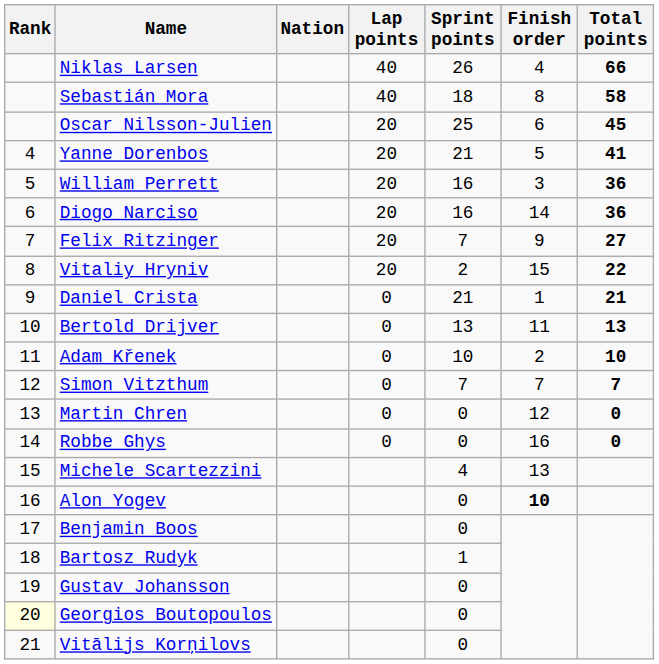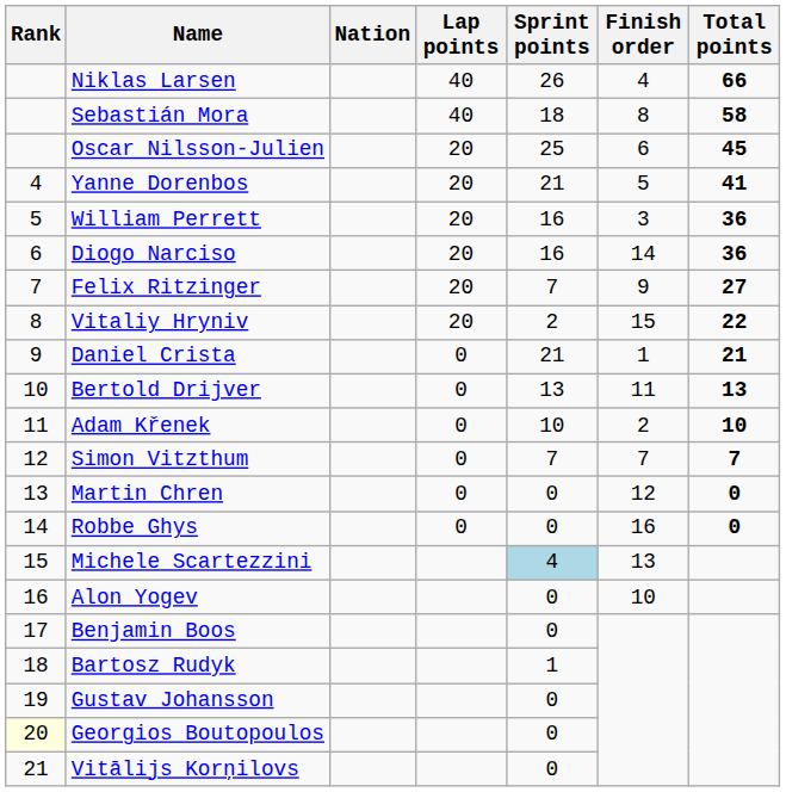 <table class="wikitable sortable" style="text-align:center">
 <tr>
 <th>Rank</th>
 <th>Name</th>
 <th>Nation</th>
 <th width=50>Lap points</th>
 <th width=50>Sprint points</th>
 <th width=50>Finish order</th>
 <th width=50>Total points</th>
 </tr>
 <tr>
 <td></td>
 <td align=left><a href='#'>Niklas Larsen</a></td>
 <td align=left></td>
 <td>40</td>
 <td>26</td>
 <td>4</td>
 <td><strong>66</strong></td>
 </tr>
 <tr>
 <td></td>
 <td align=left><a href='#'>Sebastián Mora</a></td>
 <td align=left></td>
 <td>40</td>
 <td>18</td>
 <td>8</td>
 <td><strong>58</strong></td>
 </tr>
 <tr>
 <td></td>
 <td align=left><a href='#'>Oscar Nilsson-Julien</a></td>
 <td align=left></td>
 <td>20</td>
 <td>25</td>
 <td>6</td>
 <td><strong>45</strong></td>
 </tr>
 <tr>
 <td>4</td>
 <td align=left><a href='#'>Yanne Dorenbos</a></td>
 <td align=left></td>
 <td>20</td>
 <td>21</td>
 <td>5</td>
 <td><strong>41</strong></td>
 </tr>
 <tr>
 <td>5</td>
 <td align=left><a href='#'>William Perrett</a></td>
 <td align=left></td>
 <td>20</td>
 <td>16</td>
 <td>3</td>
 <td><strong>36</strong></td>
 </tr>
 <tr>
 <td>6</td>
 <td align=left><a href='#'>Diogo Narciso</a></td>
 <td align=left></td>
 <td>20</td>
 <td>16</td>
 <td>14</td>
 <td><strong>36</strong></td>
 </tr>
 <tr>
 <td>7</td>
 <td align=left><a href='#'>Felix Ritzinger</a></td>
 <td align=left></td>
 <td>20</td>
 <td>7</td>
 <td>9</td>
 <td><strong>27</strong></td>
 </tr>
 <tr>
 <td>8</td>
 <td align=left><a href='#'>Vitaliy Hryniv</a></td>
 <td align=left></td>
 <td>20</td>
 <td>2</td>
 <td>15</td>
 <td><strong>22</strong></td>
 </tr>
 <tr>
 <td>9</td>
 <td align=left><a href='#'>Daniel Crista</a></td>
 <td align=left></td>
 <td>0</td>
 <td>21</td>
 <td>1</td>
 <td><strong>21</strong></td>
 </tr>
 <tr>
 <td>10</td>
 <td align=left><a href='#'>Bertold Drijver</a></td>
 <td align=left></td>
 <td>0</td>
 <td>13</td>
 <td>11</td>
 <td><strong>13</strong></td>
 </tr>
 <tr>
 <td>11</td>
 <td align=left><a href='#'>Adam Křenek</a></td>
 <td align=left></td>
 <td>0</td>
 <td>10</td>
 <td>2</td>
 <td><strong>10</strong></td>
 </tr>
 <tr>
 <td>12</td>
 <td align=left><a href='#'>Simon Vitzthum</a></td>
 <td align=left></td>
 <td>0</td>
 <td>7</td>
 <td>7</td>
 <td><strong>7</strong></td>
 </tr>
 <tr>
 <td>13</td>
 <td align=left><a href='#'>Martin Chren</a></td>
 <td align=left></td>
 <td>0</td>
 <td>0</td>
 <td>12</td>
 <td><strong>0</strong></td>
 </tr>
 <tr>
 <td>14</td>
 <td align=left><a href='#'>Robbe Ghys</a></td>
 <td align=left></td>
 <td>0</td>
 <td>0</td>
 <td>16</td>
 <td><strong>0</strong></td>
 </tr>
 <tr>
 <td>15</td>
 <td align=left><a href='#'>Michele Scartezzini</a></td>
 <td align=left></td>
 <td></td>
-<td>4</td>
+<td style="background: lightblue;">4</td>
 <td>13</td>
 <td><strong></strong></td>
 </tr>
 <tr>
 <td>16</td>
 <td align=left><a href='#'>Alon Yogev</a></td>
 <td align=left></td>
 <td></td>
 <td>0</td>
-<td><strong>10</strong></td>
+<td>10</td>
 <td><strong></strong></td>
 </tr>
 <tr>
 <td>17</td>
 <td align=left><a href='#'>Benjamin Boos</a></td>
 <td align=left></td>
 <td></td>
 <td>0</td>
 <td rowspan=5></td>
 <td rowspan=5></td>
 </tr>
 <tr>
 <td>18</td>
 <td align=left><a href='#'>Bartosz Rudyk</a></td>
 <td align=left></td>
 <td></td>
 <td>1</td>
 </tr>
 <tr>
 <td>19</td>
 <td align=left><a href='#'>Gustav Johansson</a></td>
 <td align=left></td>
 <td></td>
 <td>0</td>
 </tr>
 <tr>
 <td style="background: lightyellow;">20</td>
 <td align=left><a href='#'>Georgios Boutopoulos</a></td>
 <td align=left></td>
 <td></td>
 <td>0</td>
 </tr>
 <tr>
 <td>21</td>
 <td align=left><a href='#'>Vitālijs Korņilovs</a></td>
 <td align=left></td>
 <td></td>
 <td>0</td>
 </tr>
 </table>
